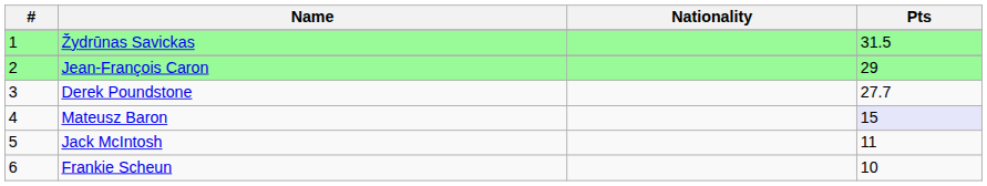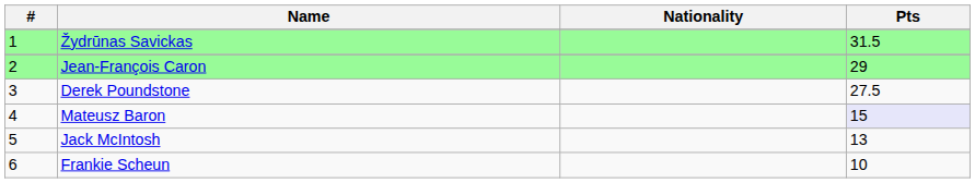 <table class="wikitable" style="display: inline-table; width: 50%;">
 <tr>
 <th>#</th>
 <th>Name</th>
 <th>Nationality</th>
 <th>Pts</th>
 </tr>
 <tr>
 </tr>
 <tr style="background:palegreen;">
 <td>1</td>
 <td><a href='#'>Žydrūnas Savickas</a></td>
 <td></td>
 <td>31.5</td>
 </tr>
 <tr>
 </tr>
 <tr style="background:palegreen;">
 <td>2</td>
 <td><a href='#'>Jean-François Caron</a></td>
 <td></td>
 <td>29</td>
 </tr>
 <tr>
 <td>3</td>
 <td><a href='#'>Derek Poundstone</a></td>
 <td></td>
-<td>27.7</td>
+<td>27.5</td>
 </tr>
 <tr>
 <td>4</td>
 <td><a href='#'>Mateusz Baron</a></td>
 <td></td>
 <td style="background: lavender;">15</td>
 </tr>
 <tr>
 <td>5</td>
 <td><a href='#'>Jack McIntosh</a></td>
 <td></td>
-<td>11</td>
+<td>13</td>
 </tr>
 <tr>
 <td>6</td>
 <td><a href='#'>Frankie Scheun</a></td>
 <td></td>
 <td>10</td>
 </tr>
 </table>
